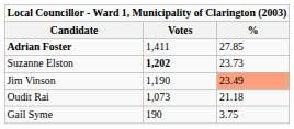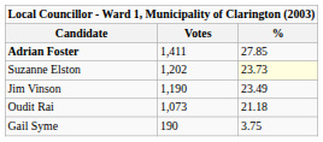 <table class="wikitable">
 <tr>
 <td Colspan="3" align="center"><strong>Local Councillor - Ward 1, Municipality of Clarington (2003)</strong></td>
 </tr>
 <tr>
 <th bgcolor="#DDDDFF" width="200px">Candidate</th>
 <th bgcolor="#DDDDFF">Votes</th>
 <th bgcolor="#DDDDFF">%</th>
 </tr>
 <tr>
 <td><strong>Adrian Foster</strong></td>
 <td>1,411</td>
 <td>27.85</td>
 </tr>
 <tr>
 <td>Suzanne Elston</td>
-<td><strong>1,202</strong></td>
-<td>23.73</td>
+<td>1,202</td>
+<td style="background: lightyellow;">23.73</td>
 </tr>
 <tr>
 <td>Jim Vinson</td>
 <td>1,190</td>
-<td style="background: lightsalmon;">23.49</td>
+<td>23.49</td>
 </tr>
 <tr>
 <td>Oudit Rai</td>
 <td>1,073</td>
 <td>21.18</td>
 </tr>
 <tr>
 <td>Gail Syme</td>
 <td>190</td>
 <td>3.75</td>
 </tr>
 </table>
